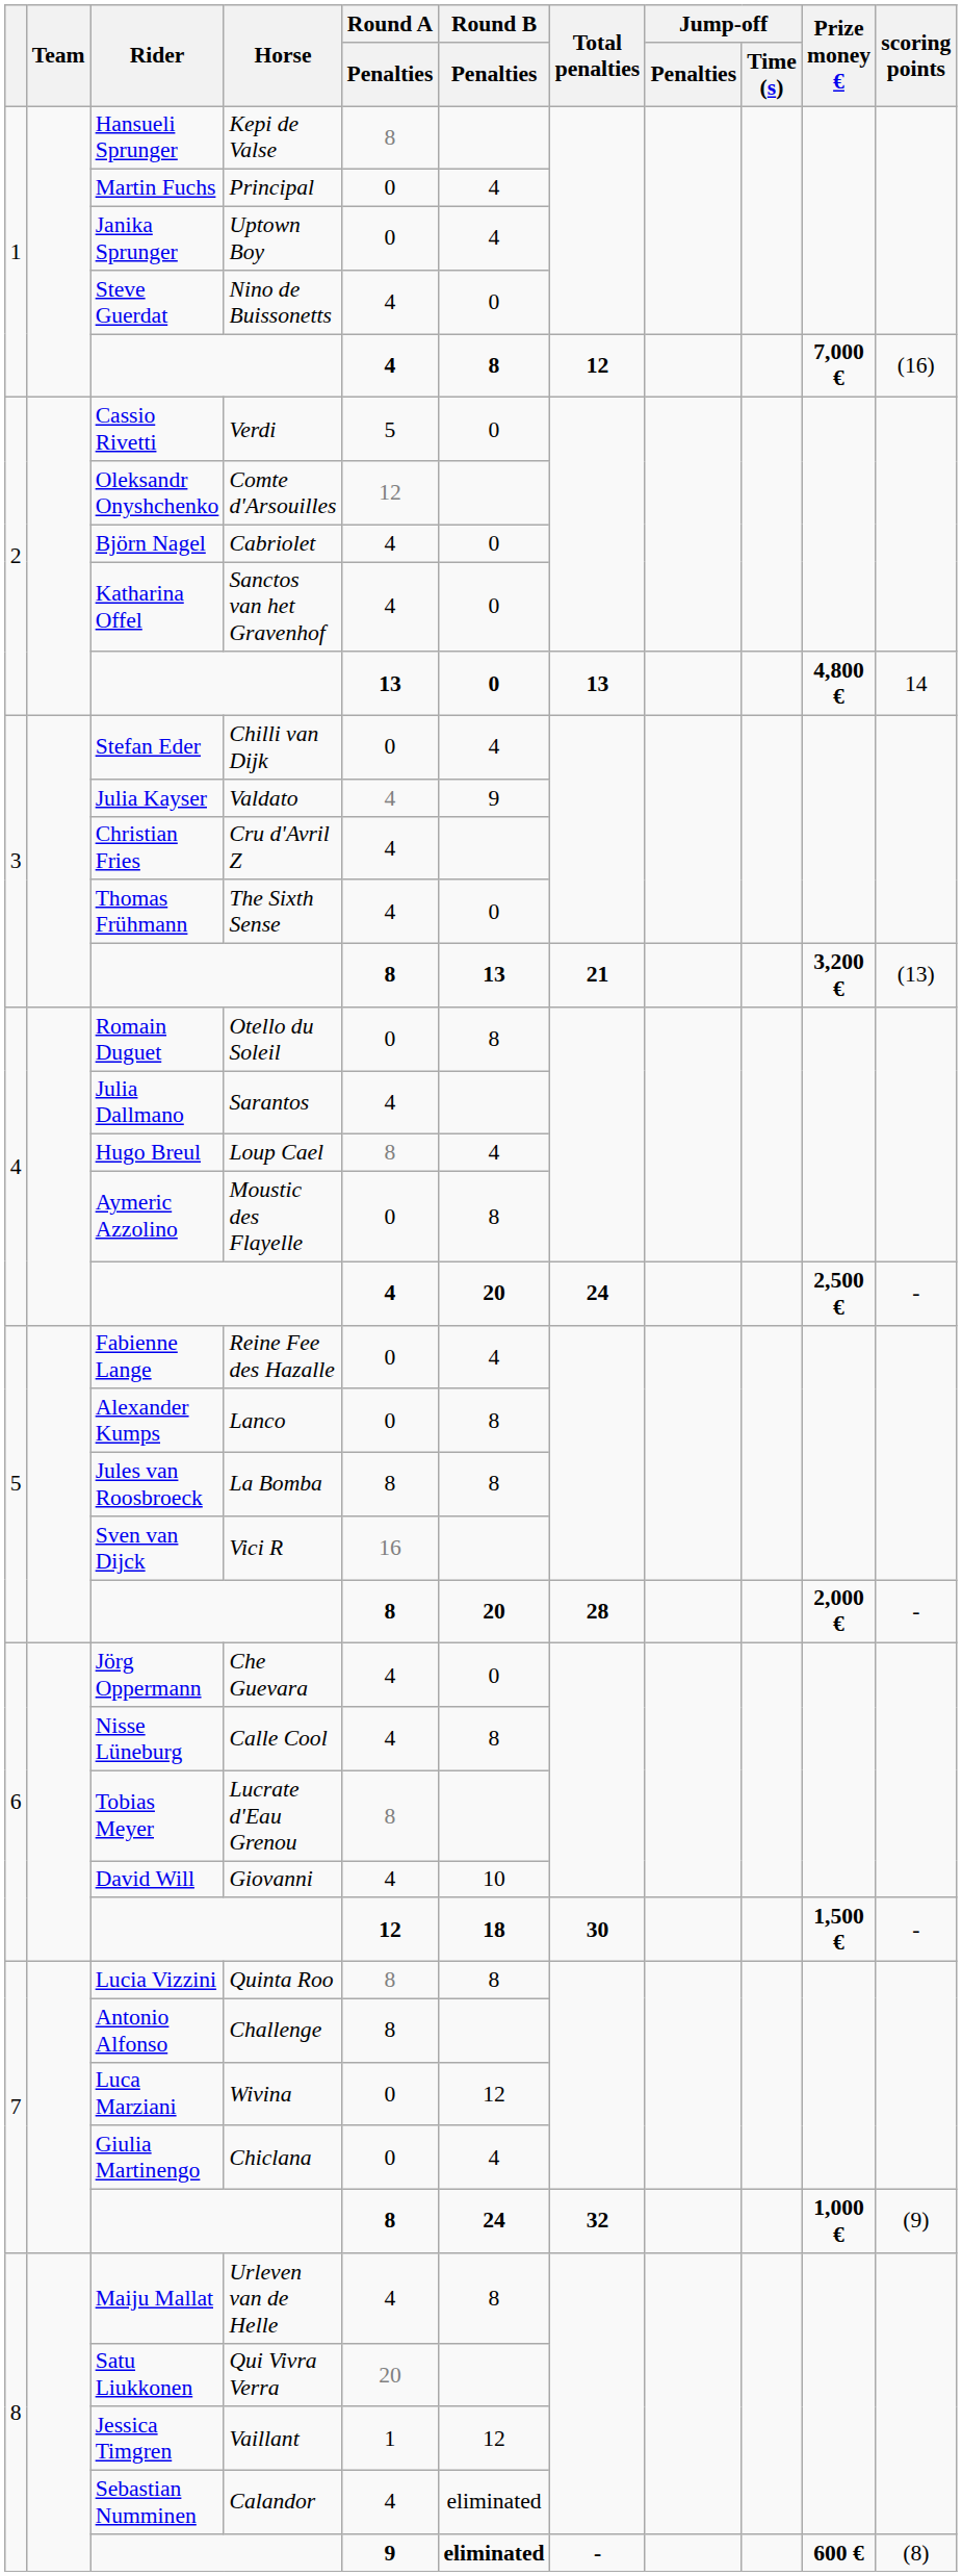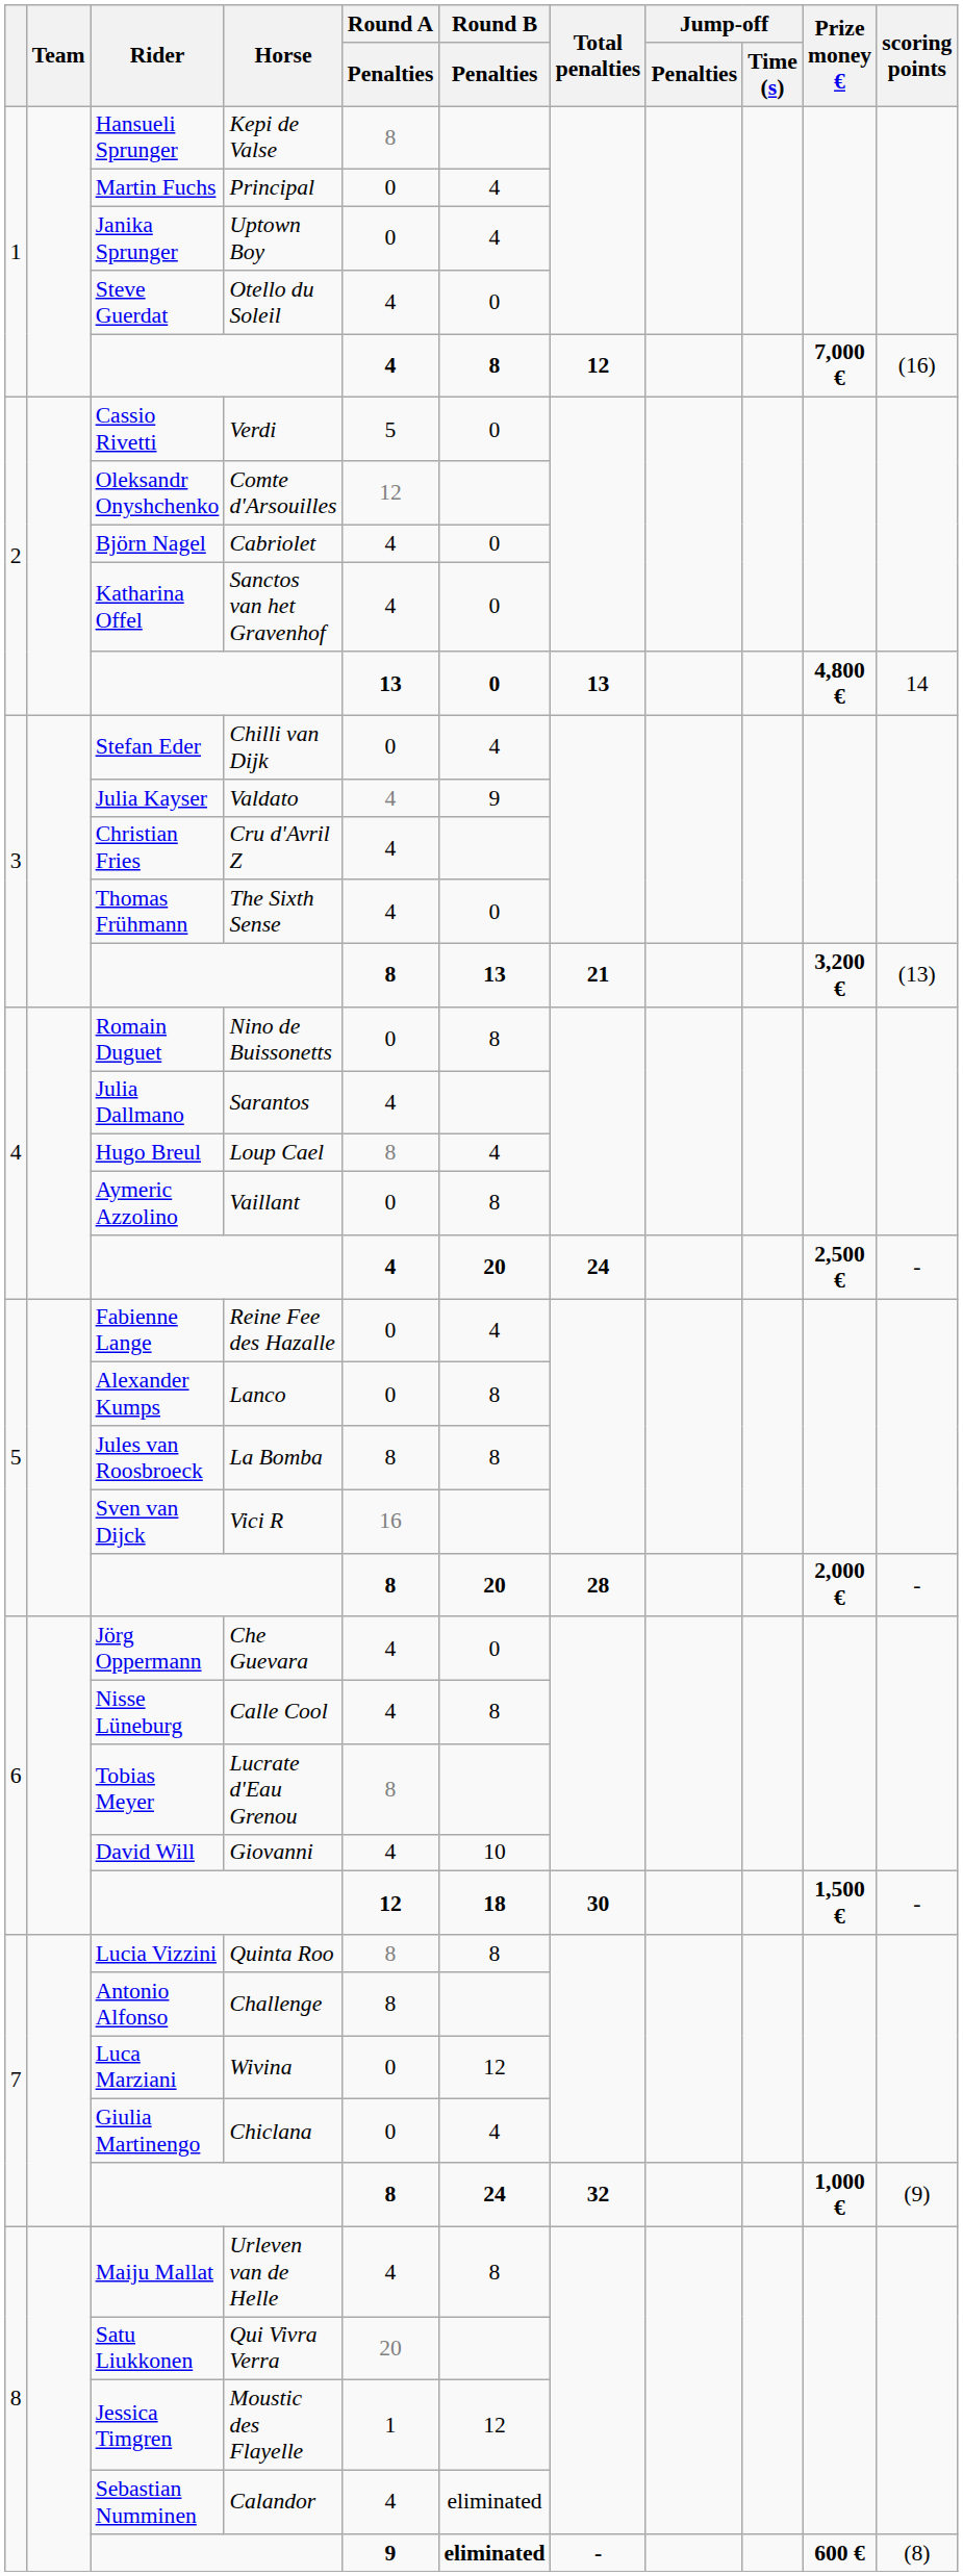 <table class="wikitable" style="font-size: 90%">
 <tr>
 <th rowspan=2 width=20></th>
 <th rowspan=2 width=125>Team</th>
 <th rowspan=2 width=200>Rider</th>
 <th rowspan=2 width=200>Horse</th>
 <th>Round A</th>
 <th>Round B</th>
 <th rowspan=2 width=75>Total penalties</th>
 <th colspan=2>Jump-off</th>
 <th rowspan=2 width=75>Prize<br>money<br><a href='#'>€</a></th>
 <th rowspan=2 width=60>scoring<br>points</th>
 </tr>
 <tr>
 <th width=75>Penalties</th>
 <th width=75>Penalties</th>
 <th width=75>Penalties</th>
 <th width=75>Time<br>(<a href='#'>s</a>)</th>
 </tr>
 <tr>
 <td rowspan=5 align=center>1</td>
 <td rowspan=5></td>
 <td><a href='#'>Hansueli Sprunger</a></td>
 <td><em>Kepi de Valse</em></td>
 <td align=center style=color:gray>8</td>
 <td align=center></td>
 <td rowspan=4></td>
 <td rowspan=4></td>
 <td rowspan=4></td>
 <td rowspan=4></td>
 </tr>
 <tr>
 <td><a href='#'>Martin Fuchs</a></td>
 <td><em>Principal</em></td>
 <td align=center>0</td>
 <td align=center>4</td>
 </tr>
 <tr>
 <td><a href='#'>Janika Sprunger</a></td>
 <td><em>Uptown Boy</em></td>
 <td align=center>0</td>
 <td align=center>4</td>
 </tr>
 <tr>
 <td><a href='#'>Steve Guerdat</a></td>
-<td><em>Nino de Buissonetts</em></td>
+<td><em>Otello du Soleil</em></td>
 <td align=center>4</td>
 <td align=center>0</td>
 </tr>
 <tr>
 <td colspan=2></td>
 <td align=center><strong>4</strong></td>
 <td align=center><strong>8</strong></td>
 <td align=center><strong>12</strong></td>
 <td></td>
 <td></td>
 <td align=center><strong>7,000 €</strong></td>
 <td align=center>(16)</td>
 </tr>
 <tr>
 <td rowspan=5 align=center>2</td>
 <td rowspan=5></td>
 <td><a href='#'>Cassio Rivetti</a></td>
 <td><em>Verdi</em></td>
 <td align=center>5</td>
 <td align=center>0</td>
 <td rowspan=4></td>
 <td rowspan=4></td>
 <td rowspan=4></td>
 <td rowspan=4></td>
 <td rowspan=4></td>
 </tr>
 <tr>
 <td><a href='#'>Oleksandr Onyshchenko</a></td>
 <td><em>Comte d'Arsouilles</em></td>
 <td align=center style=color:gray>12</td>
 <td align=center></td>
 </tr>
 <tr>
 <td><a href='#'>Björn Nagel</a></td>
 <td><em>Cabriolet</em></td>
 <td align=center>4</td>
 <td align=center>0</td>
 </tr>
 <tr>
 <td><a href='#'>Katharina Offel</a></td>
 <td><em>Sanctos van het Gravenhof</em></td>
 <td align=center>4</td>
 <td align=center>0</td>
 </tr>
 <tr>
 <td colspan=2></td>
 <td align=center><strong>13</strong></td>
 <td align=center><strong>0</strong></td>
 <td align=center><strong>13</strong></td>
 <td></td>
 <td></td>
 <td align=center><strong>4,800 €</strong></td>
 <td align=center>14</td>
 </tr>
 <tr>
 <td rowspan=5 align=center>3</td>
 <td rowspan=5></td>
 <td><a href='#'>Stefan Eder</a></td>
 <td><em>Chilli van Dijk</em></td>
 <td align=center>0</td>
 <td align=center>4</td>
 <td rowspan=4></td>
 <td rowspan=4></td>
 <td rowspan=4></td>
 <td rowspan=4></td>
 </tr>
 <tr>
 <td><a href='#'>Julia Kayser</a></td>
 <td><em>Valdato</em></td>
 <td align=center style=color:gray>4</td>
 <td align=center>9</td>
 </tr>
 <tr>
 <td><a href='#'>Christian Fries</a></td>
 <td><em>Cru d'Avril Z</em></td>
 <td align=center>4</td>
 <td align=center></td>
 </tr>
 <tr>
 <td><a href='#'>Thomas Frühmann</a></td>
 <td><em>The Sixth Sense</em></td>
 <td align=center>4</td>
 <td align=center>0</td>
 </tr>
 <tr>
 <td colspan=2></td>
 <td align=center><strong>8</strong></td>
 <td align=center><strong>13</strong></td>
 <td align=center><strong>21</strong></td>
 <td></td>
 <td></td>
 <td align=center><strong>3,200 €</strong></td>
 <td align=center>(13)</td>
 </tr>
 <tr>
 <td rowspan=5 align=center>4</td>
 <td rowspan=5></td>
 <td><a href='#'>Romain Duguet</a></td>
-<td><em>Otello du Soleil</em></td>
+<td><em>Nino de Buissonetts</em></td>
 <td align=center>0</td>
 <td align=center>8</td>
 <td rowspan=4></td>
 <td rowspan=4></td>
 <td rowspan=4></td>
 <td rowspan=4></td>
 </tr>
 <tr>
 <td><a href='#'>Julia Dallmano</a></td>
 <td><em>Sarantos</em></td>
 <td align=center>4</td>
 <td align=center></td>
 </tr>
 <tr>
 <td><a href='#'>Hugo Breul</a></td>
 <td><em>Loup Cael</em></td>
 <td align=center style=color:gray>8</td>
 <td align=center>4</td>
 </tr>
 <tr>
 <td><a href='#'>Aymeric Azzolino</a></td>
-<td><em>Moustic des Flayelle</em></td>
+<td><em>Vaillant</em></td>
 <td align=center>0</td>
 <td align=center>8</td>
 </tr>
 <tr>
 <td colspan=2></td>
 <td align=center><strong>4</strong></td>
 <td align=center><strong>20</strong></td>
 <td align=center><strong>24</strong></td>
 <td></td>
 <td></td>
 <td align=center><strong>2,500 €</strong></td>
 <td align=center>-</td>
 </tr>
 <tr>
 <td rowspan=5 align=center>5</td>
 <td rowspan=5></td>
 <td><a href='#'>Fabienne Lange</a></td>
 <td><em>Reine Fee des Hazalle</em></td>
 <td align=center>0</td>
 <td align=center>4</td>
 <td rowspan=4></td>
 <td rowspan=4></td>
 <td rowspan=4></td>
 <td rowspan=4></td>
 </tr>
 <tr>
 <td><a href='#'>Alexander Kumps</a></td>
 <td><em>Lanco</em></td>
 <td align=center>0</td>
 <td align=center>8</td>
 </tr>
 <tr>
 <td><a href='#'>Jules van Roosbroeck</a></td>
 <td><em>La Bomba</em></td>
 <td align=center>8</td>
 <td align=center>8</td>
 </tr>
 <tr>
 <td><a href='#'>Sven van Dijck</a></td>
 <td><em>Vici R</em></td>
 <td align=center style=color:gray>16</td>
 <td align=center></td>
 </tr>
 <tr>
 <td colspan=2></td>
 <td align=center><strong>8</strong></td>
 <td align=center><strong>20</strong></td>
 <td align=center><strong>28</strong></td>
 <td></td>
 <td></td>
 <td align=center><strong>2,000 €</strong></td>
 <td align=center>-</td>
 </tr>
 <tr>
 <td rowspan=5 align=center>6</td>
 <td rowspan=5></td>
 <td><a href='#'>Jörg Oppermann</a></td>
 <td><em>Che Guevara</em></td>
 <td align=center>4</td>
 <td align=center>0</td>
 <td rowspan=4></td>
 <td rowspan=4></td>
 <td rowspan=4></td>
 <td rowspan=4></td>
 </tr>
 <tr>
 <td><a href='#'>Nisse Lüneburg</a></td>
 <td><em>Calle Cool</em></td>
 <td align=center>4</td>
 <td align=center>8</td>
 </tr>
 <tr>
 <td><a href='#'>Tobias Meyer</a></td>
 <td><em>Lucrate d'Eau Grenou</em></td>
 <td align=center style=color:gray>8</td>
 <td align=center></td>
 </tr>
 <tr>
 <td><a href='#'>David Will</a></td>
 <td><em>Giovanni</em></td>
 <td align=center>4</td>
 <td align=center>10</td>
 </tr>
 <tr>
 <td colspan=2></td>
 <td align=center><strong>12</strong></td>
 <td align=center><strong>18</strong></td>
 <td align=center><strong>30</strong></td>
 <td></td>
 <td></td>
 <td align=center><strong>1,500 €</strong></td>
 <td align=center>-</td>
 </tr>
 <tr>
 <td rowspan=5 align=center>7</td>
 <td rowspan=5></td>
 <td><a href='#'>Lucia Vizzini</a></td>
 <td><em>Quinta Roo</em></td>
 <td align=center style=color:gray>8</td>
 <td align=center>8</td>
 <td rowspan=4></td>
 <td rowspan=4></td>
 <td rowspan=4></td>
 <td rowspan=4></td>
 </tr>
 <tr>
 <td><a href='#'>Antonio Alfonso</a></td>
 <td><em>Challenge</em></td>
 <td align=center>8</td>
 <td align=center></td>
 </tr>
 <tr>
 <td><a href='#'>Luca Marziani</a></td>
 <td><em>Wivina</em></td>
 <td align=center>0</td>
 <td align=center>12</td>
 </tr>
 <tr>
 <td><a href='#'>Giulia Martinengo</a></td>
 <td><em>Chiclana</em></td>
 <td align=center>0</td>
 <td align=center>4</td>
 </tr>
 <tr>
 <td colspan=2></td>
 <td align=center><strong>8</strong></td>
 <td align=center><strong>24</strong></td>
 <td align=center><strong>32</strong></td>
 <td></td>
 <td></td>
 <td align=center><strong>1,000 €</strong></td>
 <td align=center>(9)</td>
 </tr>
 <tr>
 <td rowspan=5 align=center>8</td>
 <td rowspan=5></td>
 <td><a href='#'>Maiju Mallat</a></td>
 <td><em>Urleven van de Helle</em></td>
 <td align=center>4</td>
 <td align=center>8</td>
 <td rowspan=4></td>
 <td rowspan=4></td>
 <td rowspan=4></td>
 <td rowspan=4></td>
 </tr>
 <tr>
 <td><a href='#'>Satu Liukkonen</a></td>
 <td><em>Qui Vivra Verra</em></td>
 <td align=center style=color:gray>20</td>
 <td align=center></td>
 </tr>
 <tr>
 <td><a href='#'>Jessica Timgren</a></td>
-<td><em>Vaillant</em></td>
+<td><em>Moustic des Flayelle</em></td>
 <td align=center>1</td>
 <td align=center>12</td>
 </tr>
 <tr>
 <td><a href='#'>Sebastian Numminen</a></td>
 <td><em>Calandor</em></td>
 <td align=center>4</td>
 <td align=center>eliminated</td>
 </tr>
 <tr>
 <td colspan=2></td>
 <td align=center><strong>9</strong></td>
 <td align=center><strong>eliminated</strong></td>
 <td align=center><strong>-</strong></td>
 <td></td>
 <td></td>
 <td align=center><strong>600 €</strong></td>
 <td align=center>(8)</td>
 </tr>
 <tr>
 </tr>
 </table>
